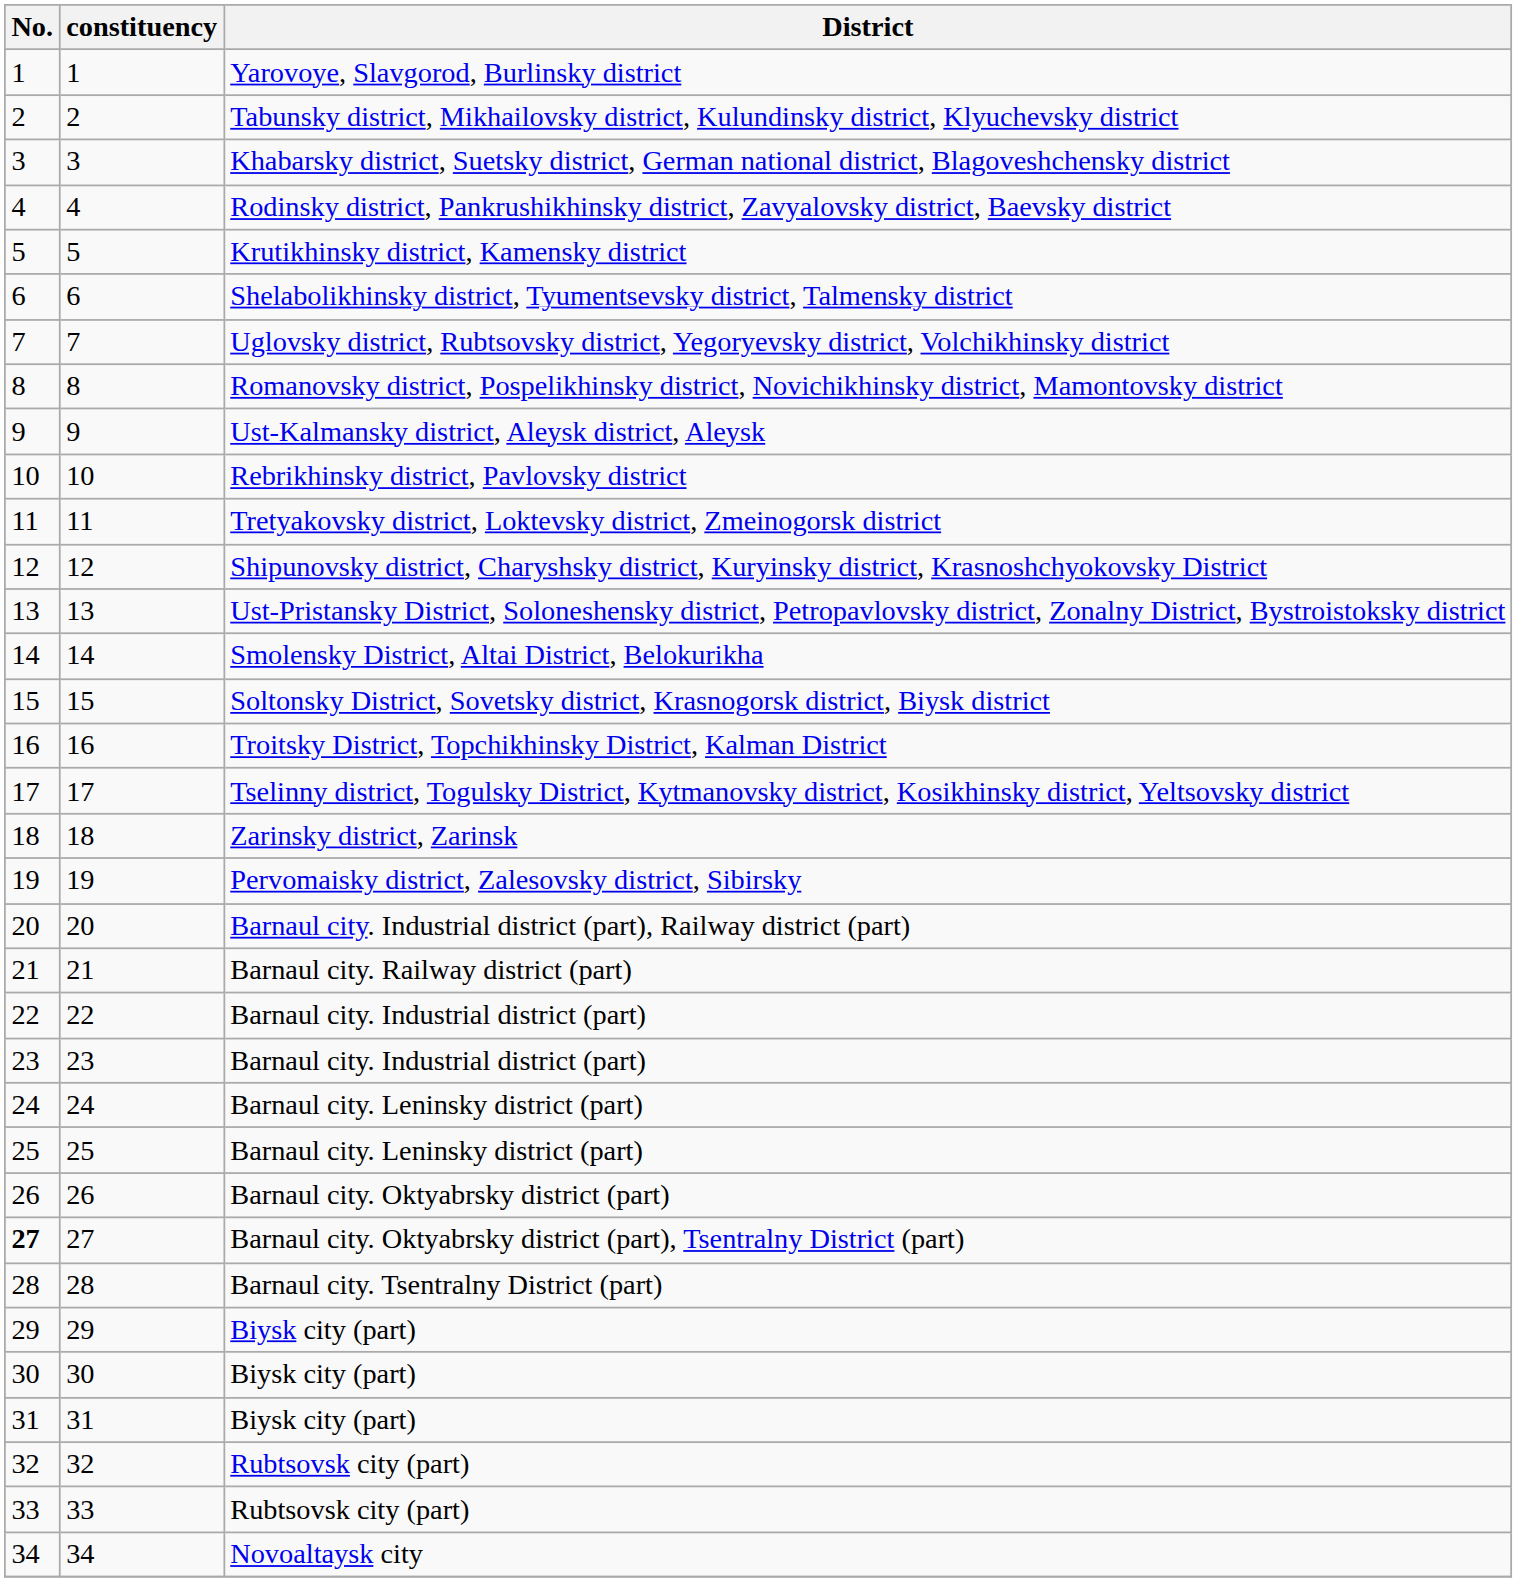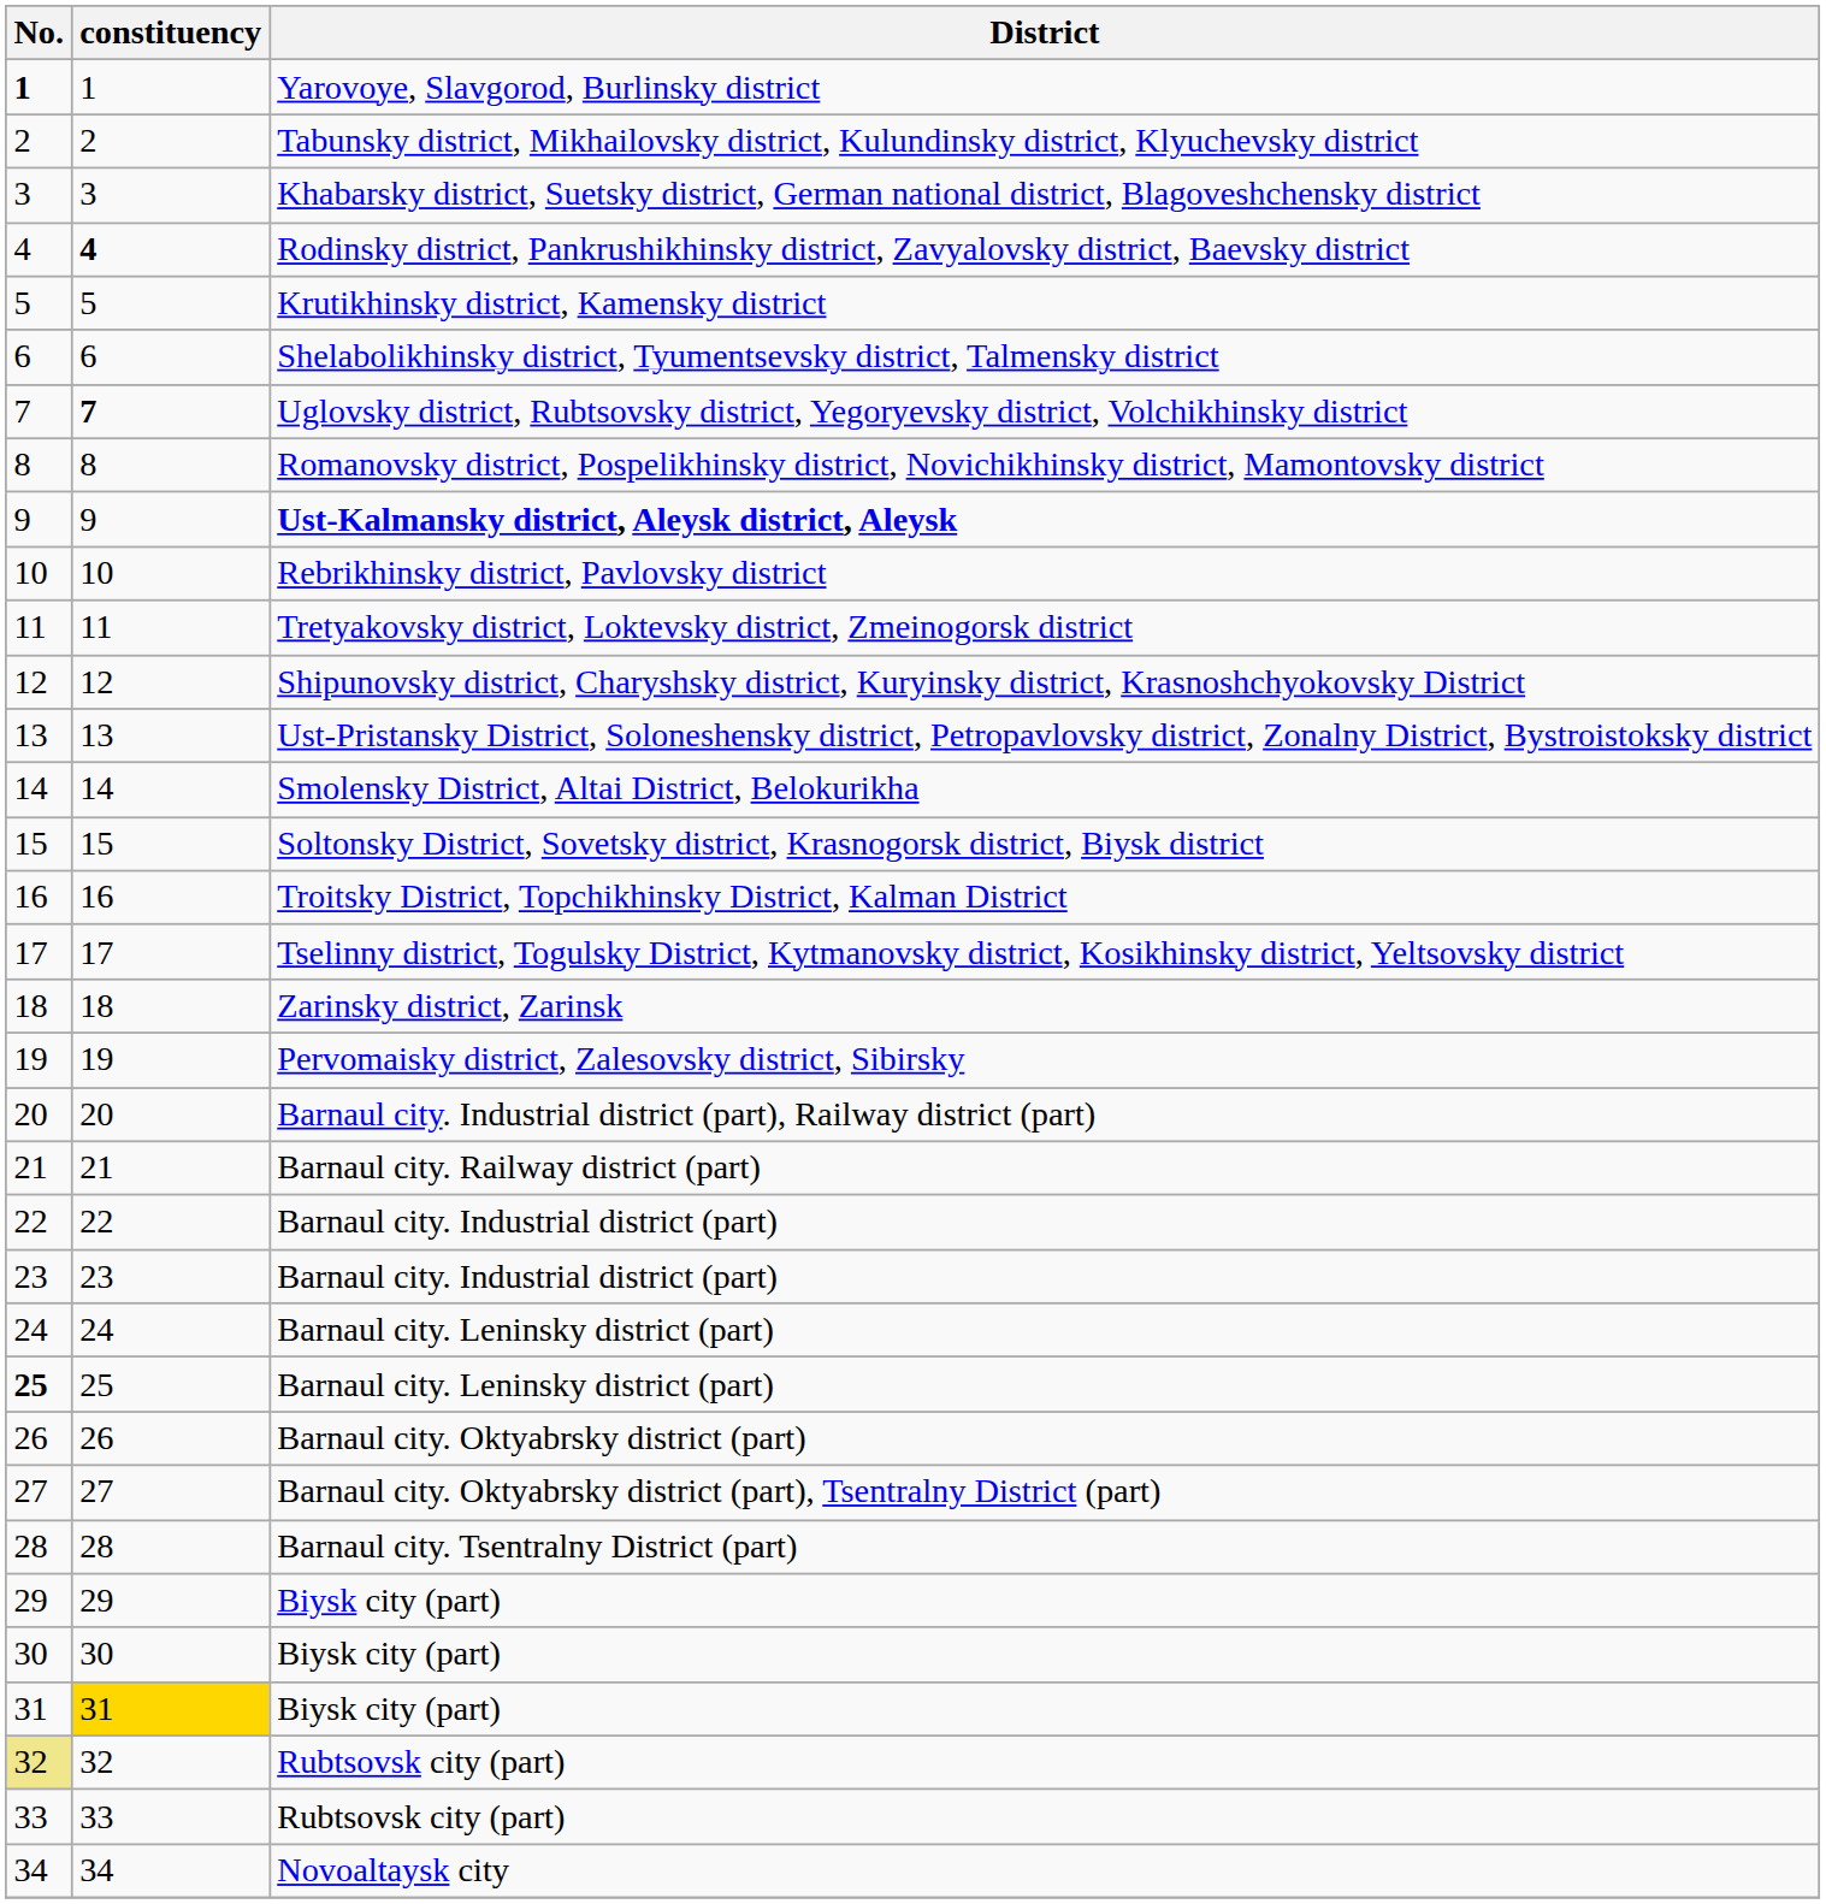 <table class="wikitable sortable" align="center">
 <tr>
 <th>No.</th>
 <th>constituency</th>
 <th>District</th>
 </tr>
 <tr>
-<td>1</td>
+<td><strong>1</strong></td>
 <td>1</td>
 <td><a href='#'>Yarovoye</a>,  <a href='#'>Slavgorod</a>,  <a href='#'>Burlinsky district</a></td>
 </tr>
 <tr>
 <td>2</td>
 <td>2</td>
 <td><a href='#'>Tabunsky district</a>,  <a href='#'>Mikhailovsky district</a>, <a href='#'>Kulundinsky district</a>, <a href='#'>Klyuchevsky district</a></td>
 </tr>
 <tr>
 <td>3</td>
 <td>3</td>
 <td><a href='#'>Khabarsky district</a>, <a href='#'>Suetsky district</a>, <a href='#'>German national district</a>,  <a href='#'>Blagoveshchensky district</a></td>
 </tr>
 <tr>
 <td>4</td>
-<td>4</td>
+<td><strong>4</strong></td>
 <td><a href='#'>Rodinsky district</a>, <a href='#'>Pankrushikhinsky district</a>,  <a href='#'>Zavyalovsky district</a>, <a href='#'>Baevsky district</a></td>
 </tr>
 <tr>
 <td>5</td>
 <td>5</td>
 <td><a href='#'>Krutikhinsky district</a>,  <a href='#'>Kamensky district</a></td>
 </tr>
 <tr>
 <td>6</td>
 <td>6</td>
 <td><a href='#'>Shelabolikhinsky district</a>, <a href='#'>Tyumentsevsky district</a>, <a href='#'>Talmensky district</a></td>
 </tr>
 <tr>
 <td>7</td>
-<td>7</td>
+<td><strong>7</strong></td>
 <td><a href='#'>Uglovsky district</a>, <a href='#'>Rubtsovsky district</a>,  <a href='#'>Yegoryevsky district</a>, <a href='#'>Volchikhinsky district</a></td>
 </tr>
 <tr>
 <td>8</td>
 <td>8</td>
 <td><a href='#'>Romanovsky district</a>, <a href='#'>Pospelikhinsky district</a>, <a href='#'>Novichikhinsky district</a>, <a href='#'>Mamontovsky district</a></td>
 </tr>
 <tr>
 <td>9</td>
 <td>9</td>
-<td><a href='#'>Ust-Kalmansky district</a>, <a href='#'>Aleysk district</a>, <a href='#'>Aleysk</a></td>
+<td><strong><a href='#'>Ust-Kalmansky district</a>, <a href='#'>Aleysk district</a>, <a href='#'>Aleysk</a></strong></td>
 </tr>
 <tr>
 <td>10</td>
 <td>10</td>
 <td><a href='#'>Rebrikhinsky district</a>,  <a href='#'>Pavlovsky district</a></td>
 </tr>
 <tr>
 <td>11</td>
 <td>11</td>
 <td><a href='#'>Tretyakovsky district</a>, <a href='#'>Loktevsky district</a>, <a href='#'>Zmeinogorsk district</a></td>
 </tr>
 <tr>
 <td>12</td>
 <td>12</td>
 <td><a href='#'>Shipunovsky district</a>, <a href='#'>Charyshsky district</a>, <a href='#'>Kuryinsky district</a>, <a href='#'>Krasnoshchyokovsky District</a></td>
 </tr>
 <tr>
 <td>13</td>
 <td>13</td>
 <td><a href='#'>Ust-Pristansky District</a>, <a href='#'>Soloneshensky district</a>,  <a href='#'>Petropavlovsky district</a>, <a href='#'>Zonalny District</a>, <a href='#'>Bystroistoksky district</a></td>
 </tr>
 <tr>
 <td>14</td>
 <td>14</td>
 <td><a href='#'>Smolensky District</a>, <a href='#'>Altai District</a>, <a href='#'>Belokurikha</a></td>
 </tr>
 <tr>
 <td>15</td>
 <td>15</td>
 <td><a href='#'>Soltonsky District</a>, <a href='#'>Sovetsky district</a>,  <a href='#'>Krasnogorsk district</a>, <a href='#'>Biysk district</a></td>
 </tr>
 <tr>
 <td>16</td>
 <td>16</td>
 <td><a href='#'>Troitsky District</a>, <a href='#'>Topchikhinsky District</a>, <a href='#'>Kalman District</a></td>
 </tr>
 <tr>
 <td>17</td>
 <td>17</td>
 <td><a href='#'>Tselinny district</a>, <a href='#'>Togulsky District</a>, <a href='#'>Kytmanovsky district</a>, <a href='#'>Kosikhinsky district</a>, <a href='#'>Yeltsovsky district</a></td>
 </tr>
 <tr>
 <td>18</td>
 <td>18</td>
 <td><a href='#'>Zarinsky district</a>,  <a href='#'>Zarinsk</a></td>
 </tr>
 <tr>
 <td>19</td>
 <td>19</td>
 <td><a href='#'>Pervomaisky district</a>, <a href='#'>Zalesovsky district</a>, <a href='#'>Sibirsky</a></td>
 </tr>
 <tr>
 <td>20</td>
 <td>20</td>
 <td><a href='#'>Barnaul city</a>. Industrial district (part), Railway district (part)</td>
 </tr>
 <tr>
 <td>21</td>
 <td>21</td>
 <td>Barnaul city. Railway district (part)</td>
 </tr>
 <tr>
 <td>22</td>
 <td>22</td>
 <td>Barnaul city. Industrial district (part)</td>
 </tr>
 <tr>
 <td>23</td>
 <td>23</td>
 <td>Barnaul city. Industrial district (part)</td>
 </tr>
 <tr>
 <td>24</td>
 <td>24</td>
 <td>Barnaul city. Leninsky district (part)</td>
 </tr>
 <tr>
-<td>25</td>
+<td><strong>25</strong></td>
 <td>25</td>
 <td>Barnaul city. Leninsky district (part)</td>
 </tr>
 <tr>
 <td>26</td>
 <td>26</td>
 <td>Barnaul city. Oktyabrsky district (part)</td>
 </tr>
 <tr>
-<td><strong>27</strong></td>
+<td>27</td>
 <td>27</td>
 <td>Barnaul city. Oktyabrsky district (part), <a href='#'>Tsentralny District</a> (part)</td>
 </tr>
 <tr>
 <td>28</td>
 <td>28</td>
 <td>Barnaul city. Tsentralny District (part)</td>
 </tr>
 <tr>
 <td>29</td>
 <td>29</td>
 <td><a href='#'>Biysk</a> city (part)</td>
 </tr>
 <tr>
 <td>30</td>
 <td>30</td>
 <td>Biysk city (part)</td>
 </tr>
 <tr>
 <td>31</td>
-<td>31</td>
+<td style="background: gold;">31</td>
 <td>Biysk city (part)</td>
 </tr>
 <tr>
-<td>32</td>
+<td style="background: khaki;">32</td>
 <td>32</td>
 <td><a href='#'>Rubtsovsk</a> city (part)</td>
 </tr>
 <tr>
 <td>33</td>
 <td>33</td>
 <td>Rubtsovsk city (part)</td>
 </tr>
 <tr>
 <td>34</td>
 <td>34</td>
 <td><a href='#'>Novoaltaysk</a> city</td>
 </tr>
 <tr>
 </tr>
 </table>
